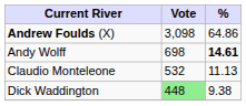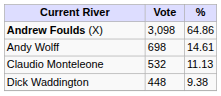 <table class="wikitable">
 <tr>
 <th style="background:#ddf; width:200px;">Current River </th>
 <th style="background:#ddf; width:50px;">Vote</th>
 <th style="background:#ddf; width:30px;">%</th>
 </tr>
 <tr>
 <td><strong>Andrew Foulds</strong> (X)</td>
 <td>3,098</td>
 <td>64.86</td>
 </tr>
 <tr>
 <td>Andy Wolff</td>
 <td>698</td>
-<td><strong>14.61</strong></td>
+<td>14.61</td>
 </tr>
 <tr>
 <td>Claudio Monteleone</td>
 <td>532</td>
 <td>11.13</td>
 </tr>
 <tr>
 <td>Dick Waddington</td>
-<td style="background: lightgreen;">448</td>
+<td>448</td>
 <td>9.38</td>
 </tr>
 <tr>
 </tr>
 </table>
